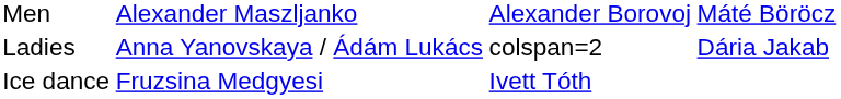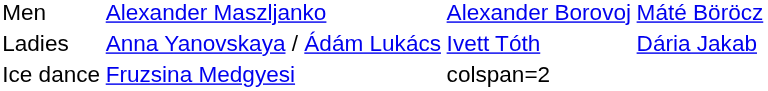 <table>
 <tr>
 <td>Men</td>
 <td><a href='#'>Alexander Maszljanko</a></td>
 <td><a href='#'>Alexander Borovoj</a></td>
 <td><a href='#'>Máté Böröcz</a></td>
 </tr>
 <tr>
 <td>Ladies</td>
 <td><a href='#'>Anna Yanovskaya</a> / <a href='#'>Ádám Lukács</a></td>
-<td>colspan=2 </td>
+<td><a href='#'>Ivett Tóth</a></td>
 <td><a href='#'>Dária Jakab</a></td>
 </tr>
 <tr>
 <td>Ice dance</td>
 <td><a href='#'>Fruzsina Medgyesi</a></td>
-<td><a href='#'>Ivett Tóth</a></td>
+<td>colspan=2 </td>
 </tr>
 </table>
